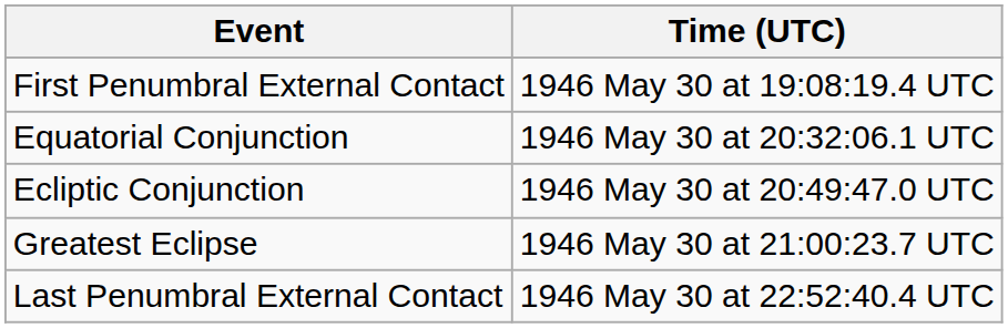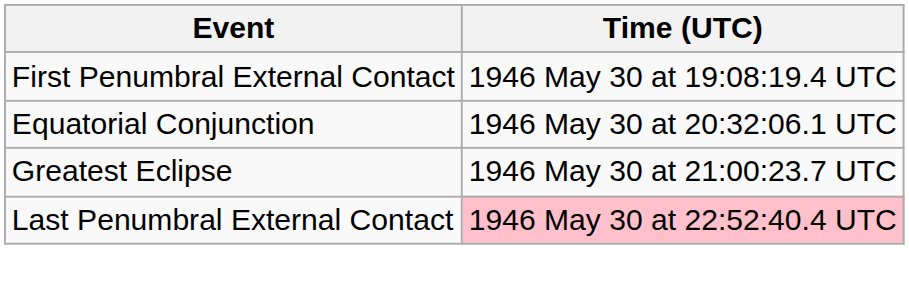 <table class="wikitable">
 <tr>
 <th>Event</th>
 <th>Time (UTC)</th>
 </tr>
 <tr>
 <td>First Penumbral External Contact</td>
 <td>1946 May 30 at 19:08:19.4 UTC</td>
 </tr>
 <tr>
 <td>Equatorial Conjunction</td>
 <td>1946 May 30 at 20:32:06.1 UTC</td>
 </tr>
 <tr>
-<td>Ecliptic Conjunction</td>
-<td>1946 May 30 at 20:49:47.0 UTC</td>
-</tr>
-<tr>
 <td>Greatest Eclipse</td>
 <td>1946 May 30 at 21:00:23.7 UTC</td>
 </tr>
 <tr>
 <td>Last Penumbral External Contact</td>
-<td>1946 May 30 at 22:52:40.4 UTC</td>
+<td style="background: pink;">1946 May 30 at 22:52:40.4 UTC</td>
 </tr>
 </table>
